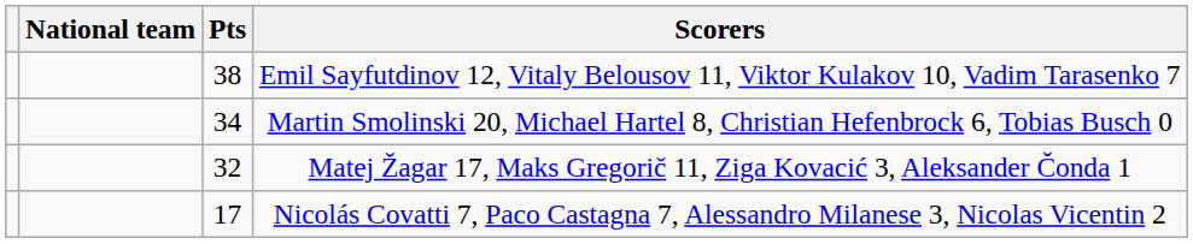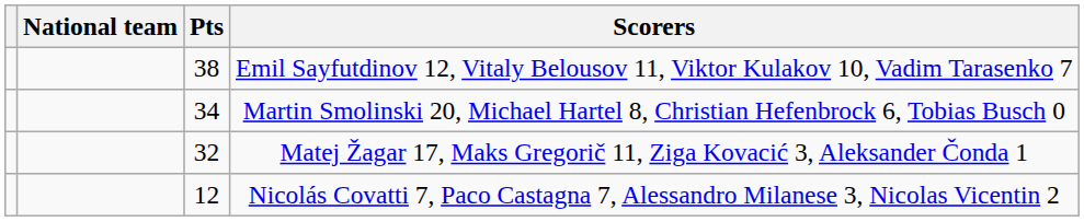 <table class=wikitable style="font-size: 95%">
 <tr>
 <th></th>
 <th>National team</th>
 <th>Pts</th>
 <th>Scorers</th>
 </tr>
 <tr align=center >
 <td></td>
 <td align=left></td>
 <td>38</td>
 <td><a href='#'>Emil Sayfutdinov</a> 12, <a href='#'>Vitaly Belousov</a> 11, <a href='#'>Viktor Kulakov</a> 10, <a href='#'>Vadim Tarasenko</a> 7</td>
 </tr>
 <tr align=center>
 <td></td>
 <td align=left></td>
 <td>34</td>
 <td><a href='#'>Martin Smolinski</a> 20, <a href='#'>Michael Hartel</a> 8, <a href='#'>Christian Hefenbrock</a> 6, <a href='#'>Tobias Busch</a> 0</td>
 </tr>
 <tr align=center>
 <td></td>
 <td align=left></td>
 <td>32</td>
 <td><a href='#'>Matej Žagar</a> 17, <a href='#'>Maks Gregorič</a> 11, <a href='#'>Ziga Kovacić</a> 3, <a href='#'>Aleksander Čonda</a> 1</td>
 </tr>
 <tr align=center>
 <td></td>
 <td align=left></td>
-<td>17</td>
+<td>12</td>
 <td><a href='#'>Nicolás Covatti</a> 7, <a href='#'>Paco Castagna</a> 7, <a href='#'>Alessandro Milanese</a> 3, <a href='#'>Nicolas Vicentin</a> 2</td>
 </tr>
 </table>
